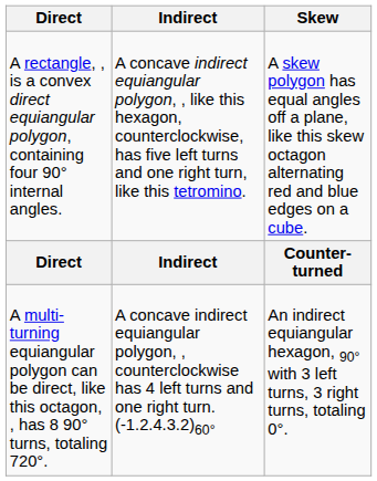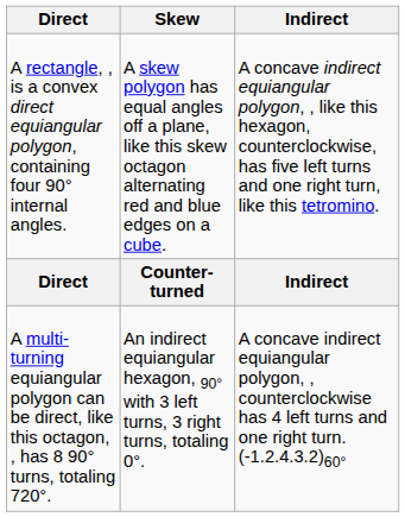 <table class=wikitable align=right width=360>
 <tr>
 <th>Direct</th>
+<th>Skew</th>
 <th>Indirect</th>
-<th>Skew</th>
 </tr>
 <tr valign=top>
 <td><br>A <a href='#'>rectangle</a>, , is a convex <em>direct equiangular polygon</em>, containing four 90° internal angles.</td>
+<td><br>A <a href='#'>skew polygon</a> has equal angles off a plane, like this skew octagon alternating red and blue edges on a <a href='#'>cube</a>.</td>
 <td><br>A concave <em>indirect equiangular polygon</em>, , like this hexagon, counterclockwise, has five left turns and one right turn, like this <a href='#'>tetromino</a>.</td>
-<td><br>A <a href='#'>skew polygon</a> has equal angles off a plane, like this skew octagon alternating red and blue edges on a <a href='#'>cube</a>.</td>
 </tr>
 <tr>
 <th>Direct</th>
+<th>Counter-turned</th>
 <th>Indirect</th>
-<th>Counter-turned</th>
 </tr>
 <tr valign=top>
 <td><br>A <a href='#'>multi-turning</a> equiangular polygon can be direct, like this octagon, , has 8 90° turns, totaling 720°.</td>
+<td><br>An indirect equiangular hexagon, <sub>90°</sub> with 3 left turns, 3 right turns, totaling 0°.</td>
 <td><br>A concave indirect equiangular polygon, , counterclockwise has 4 left turns and one right turn.<br>(-1.2.4.3.2)<sub>60°</sub></td>
-<td><br>An indirect equiangular hexagon, <sub>90°</sub> with 3 left turns, 3 right turns, totaling 0°.</td>
 </tr>
 </table>
